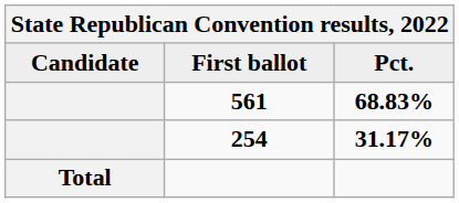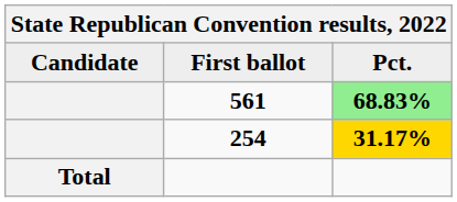 <table class="wikitable sortable plainrowheaders">
 <tr>
 <th colspan="7" >State Republican Convention results, 2022</th>
 </tr>
 <tr style="background:#eee; text-align:center;">
 <td><strong>Candidate</strong></td>
 <td><strong>First ballot</strong></td>
 <td><strong>Pct.</strong></td>
 </tr>
 <tr>
 <th scope="row"><strong></strong></th>
 <td style="text-align:center;"><strong>561</strong></td>
-<td style="text-align:center;"><strong>68.83%</strong></td>
+<td style="background: lightgreen; text-align:center;"><strong>68.83%</strong></td>
 </tr>
 <tr>
 <th scope="row"><strong></strong></th>
 <td style="text-align:center;"><strong> 254</strong></td>
-<td style="text-align:center;"><strong>31.17%</strong></td>
+<td style="background: gold; text-align:center;"><strong>31.17%</strong></td>
 </tr>
 <tr>
 <th scope="row"><strong>Total</strong></th>
 <td style="text-align:center;"><strong></strong></td>
 <td style="text-align:center;"><strong></strong></td>
 </tr>
 </table>
